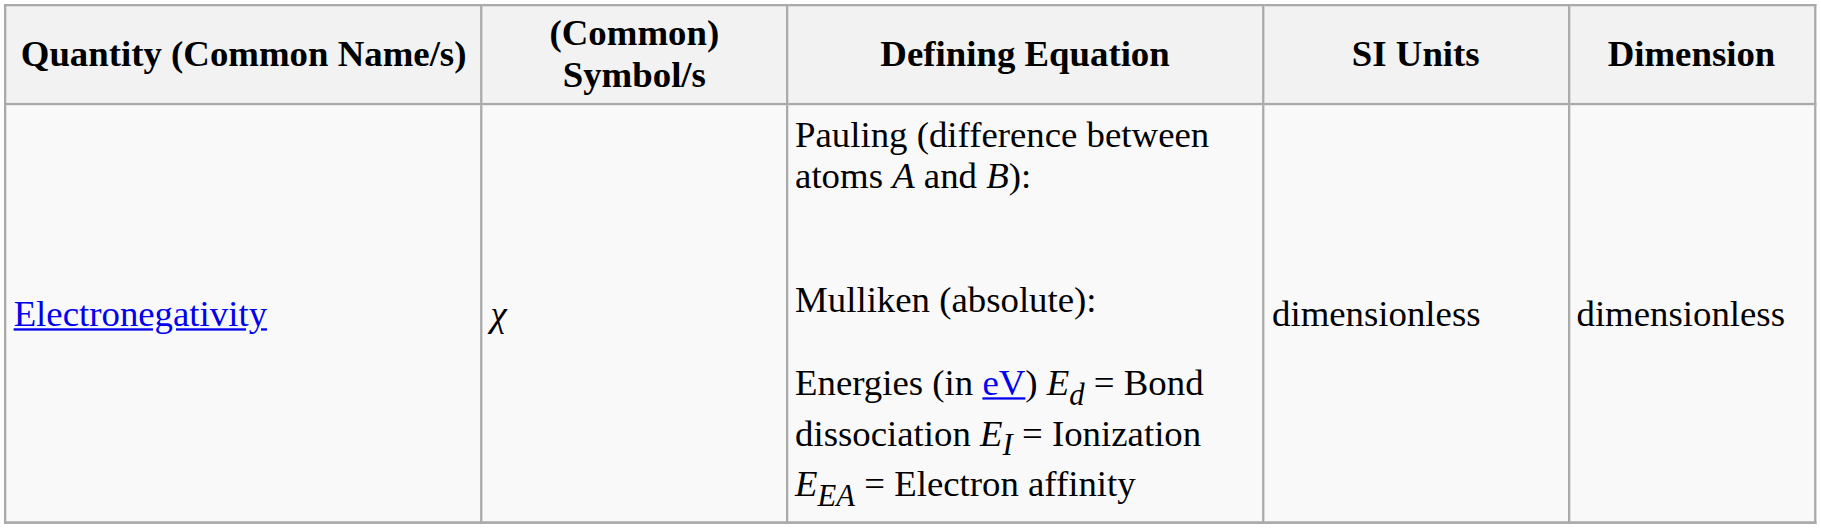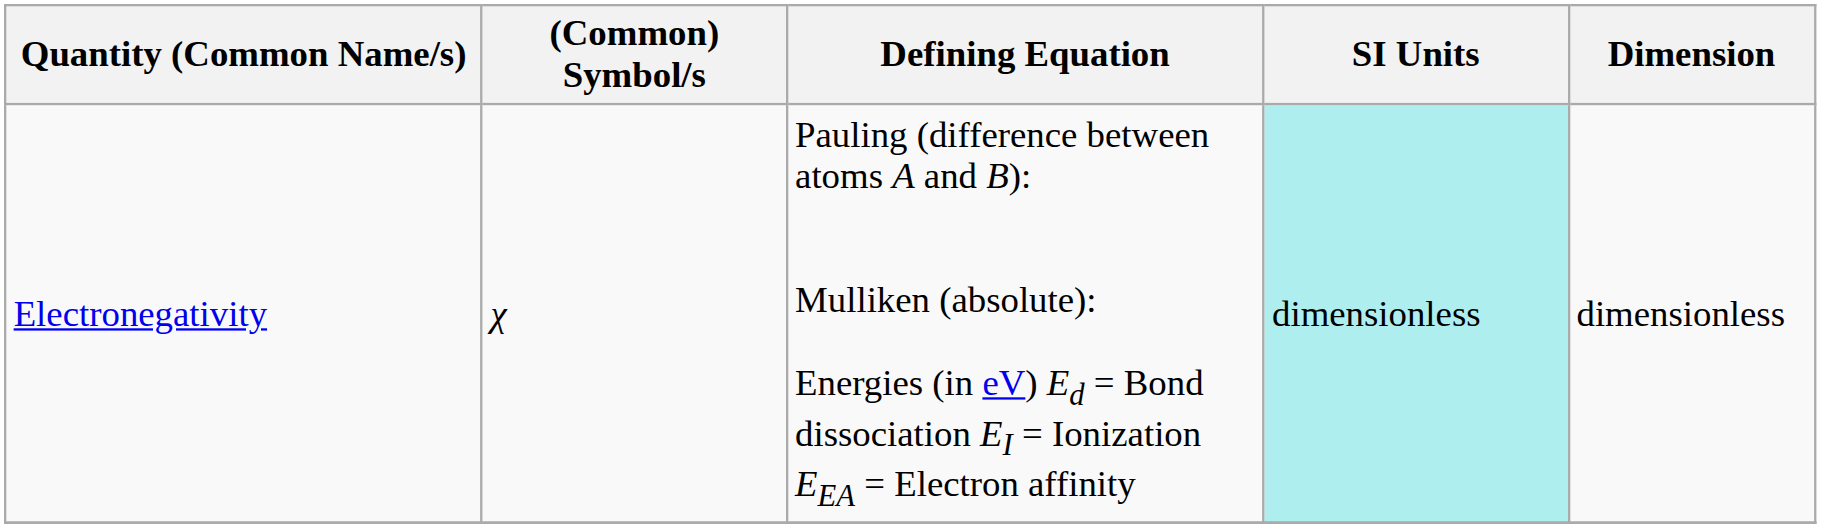 <table class="wikitable">
 <tr>
 <th scope="col" width="200">Quantity (Common Name/s)</th>
 <th scope="col" width="125">(Common) Symbol/s</th>
 <th scope="col" width="200">Defining Equation</th>
 <th scope="col" width="125">SI Units</th>
 <th scope="col" width="100">Dimension</th>
 </tr>
 <tr>
 <td><a href='#'>Electronegativity</a></td>
 <td><em>χ</em></td>
 <td>Pauling (difference between atoms <em>A</em> and <em>B</em>): <br><br><br>Mulliken (absolute): <br><br>Energies (in <a href='#'>eV</a>) <em>E<sub>d</sub></em> = Bond dissociation  <em>E<sub>I</sub></em> = Ionization  <em>E<sub>EA</sub></em> = Electron affinity</td>
-<td>dimensionless</td>
+<td style="background: paleturquoise;">dimensionless</td>
 <td>dimensionless</td>
 </tr>
 <tr>
 </tr>
 </table>
